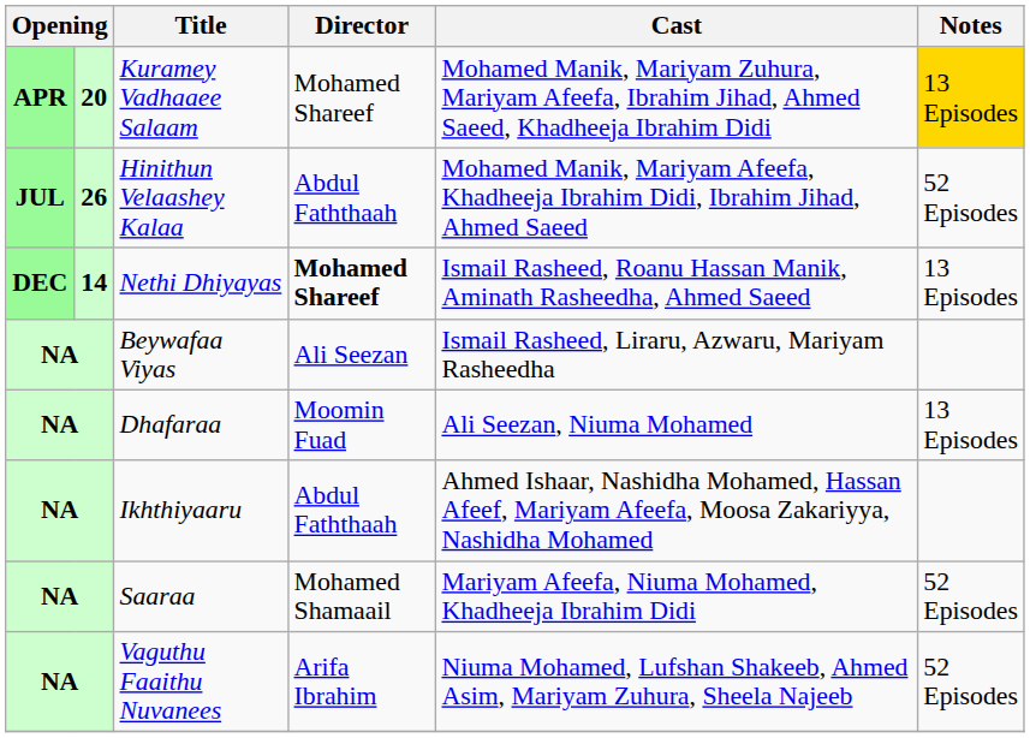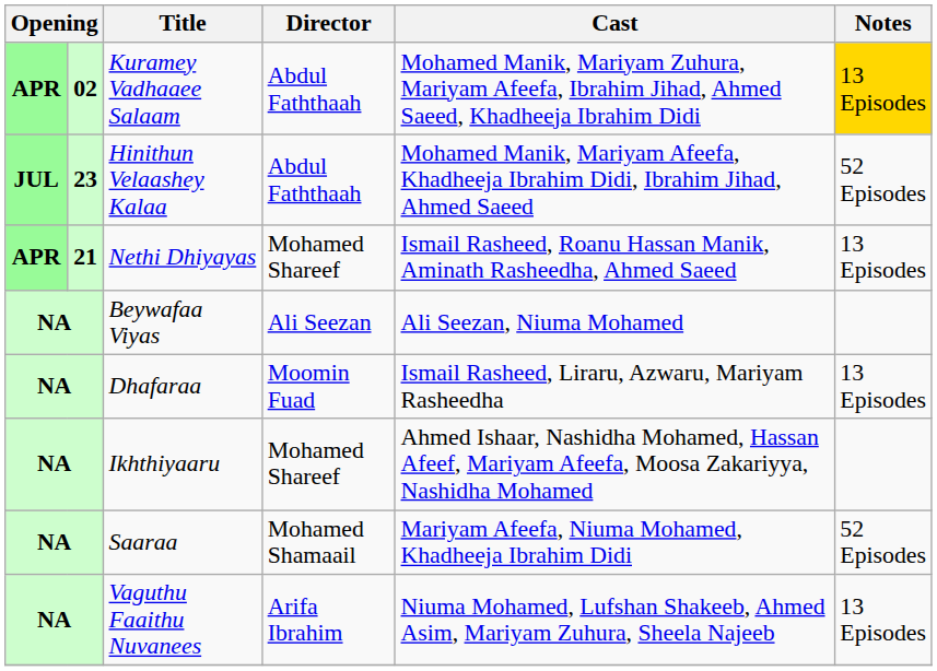 <table class="wikitable plainrowheaders" width="100%">
 <tr>
 <th scope="col" colspan="2" width=4%>Opening</th>
 <th scope="col" width=18%>Title</th>
 <th scope="col" width=15%>Director</th>
 <th scope="col" width=55%>Cast</th>
 <th scope="col" width=10%>Notes</th>
 </tr>
 <tr>
 <td style="text-align:center; background:#98fb98; textcolor:#000;"><strong>APR</strong></td>
-<td style="text-align:center; textcolor:#000; background:#cdfecd;"><strong>20</strong></td>
+<td style="text-align:center; textcolor:#000; background:#cdfecd;"><strong>02</strong></td>
 <td><em><a href='#'>Kuramey Vadhaaee Salaam</a></em></td>
-<td>Mohamed Shareef</td>
+<td><a href='#'>Abdul Faththaah</a></td>
 <td><a href='#'>Mohamed Manik</a>, <a href='#'>Mariyam Zuhura</a>, <a href='#'>Mariyam Afeefa</a>, <a href='#'>Ibrahim Jihad</a>, <a href='#'>Ahmed Saeed</a>, <a href='#'>Khadheeja Ibrahim Didi</a></td>
 <td style="background: gold;">13 Episodes</td>
 </tr>
 <tr>
 <td style="text-align:center; background:#98fb98; textcolor:#000;"><strong>JUL</strong></td>
-<td style="text-align:center; textcolor:#000; background:#cdfecd;"><strong>26</strong></td>
+<td style="text-align:center; textcolor:#000; background:#cdfecd;"><strong>23</strong></td>
 <td><em><a href='#'>Hinithun Velaashey Kalaa</a></em></td>
 <td><a href='#'>Abdul Faththaah</a></td>
 <td><a href='#'>Mohamed Manik</a>, <a href='#'>Mariyam Afeefa</a>, <a href='#'>Khadheeja Ibrahim Didi</a>, <a href='#'>Ibrahim Jihad</a>, <a href='#'>Ahmed Saeed</a></td>
 <td>52 Episodes</td>
 </tr>
 <tr>
-<td style="text-align:center; background:#98fb98; textcolor:#000;"><strong>DEC</strong></td>
-<td style="text-align:center; textcolor:#000; background:#cdfecd;"><strong>14</strong></td>
+<td style="text-align:center; background:#98fb98; textcolor:#000;"><strong>APR</strong></td>
+<td style="text-align:center; textcolor:#000; background:#cdfecd;"><strong>21</strong></td>
 <td><em><a href='#'>Nethi Dhiyayas</a></em></td>
-<td><strong>Mohamed Shareef</strong></td>
+<td>Mohamed Shareef</td>
 <td><a href='#'>Ismail Rasheed</a>, <a href='#'>Roanu Hassan Manik</a>, <a href='#'>Aminath Rasheedha</a>, <a href='#'>Ahmed Saeed</a></td>
 <td>13 Episodes</td>
 </tr>
 <tr>
 <td style="text-align:center; textcolor:#000; background:#cdfecd;" colspan="2"><strong>NA</strong></td>
 <td><em>Beywafaa Viyas</em></td>
 <td><a href='#'>Ali Seezan</a></td>
-<td><a href='#'>Ismail Rasheed</a>, Liraru, Azwaru, Mariyam Rasheedha</td>
+<td><a href='#'>Ali Seezan</a>, <a href='#'>Niuma Mohamed</a></td>
 <td></td>
 </tr>
 <tr>
 <td style="text-align:center; textcolor:#000; background:#cdfecd;" colspan="2"><strong>NA</strong></td>
 <td><em>Dhafaraa</em></td>
 <td><a href='#'>Moomin Fuad</a></td>
-<td><a href='#'>Ali Seezan</a>, <a href='#'>Niuma Mohamed</a></td>
+<td><a href='#'>Ismail Rasheed</a>, Liraru, Azwaru, Mariyam Rasheedha</td>
 <td>13 Episodes</td>
 </tr>
 <tr>
 <td style="text-align:center; textcolor:#000; background:#cdfecd;" colspan="2"><strong>NA</strong></td>
 <td><em>Ikhthiyaaru</em></td>
-<td><a href='#'>Abdul Faththaah</a></td>
+<td>Mohamed Shareef</td>
 <td>Ahmed Ishaar, Nashidha Mohamed, <a href='#'>Hassan Afeef</a>, <a href='#'>Mariyam Afeefa</a>, Moosa Zakariyya, <a href='#'>Nashidha Mohamed</a></td>
 <td></td>
 </tr>
 <tr>
 <td style="text-align:center; textcolor:#000; background:#cdfecd;" colspan="2"><strong>NA</strong></td>
 <td><em>Saaraa</em></td>
 <td>Mohamed Shamaail</td>
 <td><a href='#'>Mariyam Afeefa</a>, <a href='#'>Niuma Mohamed</a>, <a href='#'>Khadheeja Ibrahim Didi</a></td>
 <td>52 Episodes</td>
 </tr>
 <tr>
 <td style="text-align:center; textcolor:#000; background:#cdfecd;" colspan="2"><strong>NA</strong></td>
 <td><em><a href='#'>Vaguthu Faaithu Nuvanees</a></em></td>
 <td><a href='#'>Arifa Ibrahim</a></td>
 <td><a href='#'>Niuma Mohamed</a>, <a href='#'>Lufshan Shakeeb</a>, <a href='#'>Ahmed Asim</a>, <a href='#'>Mariyam Zuhura</a>, <a href='#'>Sheela Najeeb</a></td>
-<td>52 Episodes</td>
+<td>13 Episodes</td>
 </tr>
 <tr>
 </tr>
 </table>
